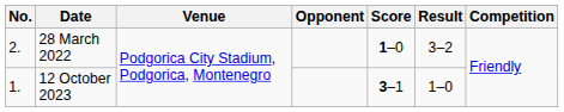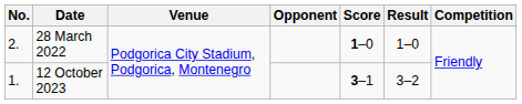 <table class="wikitable">
 <tr>
 <th>No.</th>
 <th>Date</th>
 <th>Venue</th>
 <th>Opponent</th>
 <th>Score</th>
 <th>Result</th>
 <th>Competition</th>
 </tr>
 <tr>
 <td>2.</td>
 <td>28 March 2022</td>
 <td rowspan=2><a href='#'>Podgorica City Stadium</a>, <a href='#'>Podgorica</a>, <a href='#'>Montenegro</a></td>
 <td></td>
 <td align=center><strong>1</strong>–0</td>
-<td align=center>3–2</td>
+<td align=center>1–0</td>
 <td rowspan=2><a href='#'>Friendly</a></td>
 </tr>
 <tr>
 <td>1.</td>
 <td>12 October 2023</td>
 <td></td>
 <td align=center><strong>3</strong>–1</td>
-<td align=center>1–0</td>
+<td align=center>3–2</td>
 </tr>
 </table>
